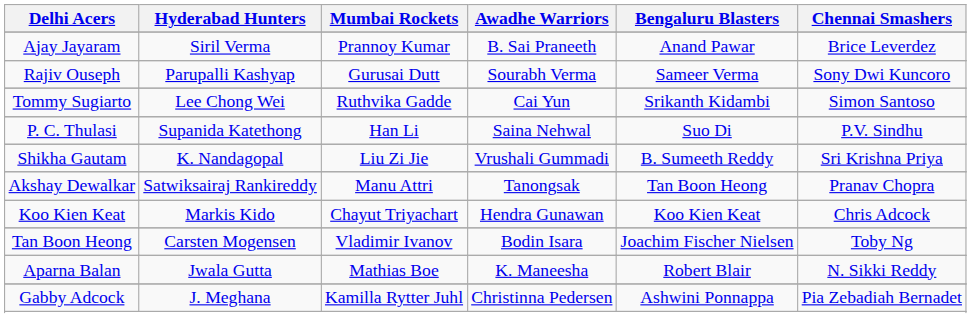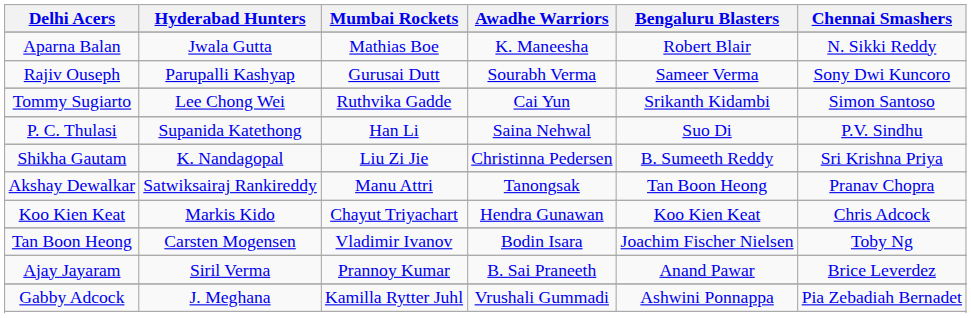 <table class="wikitable" style="text-align:center;">
 <tr>
 <th><a href='#'>Delhi Acers</a></th>
 <th><a href='#'>Hyderabad Hunters</a></th>
 <th><a href='#'>Mumbai Rockets</a></th>
 <th><a href='#'>Awadhe Warriors</a></th>
 <th><a href='#'>Bengaluru Blasters</a></th>
 <th><a href='#'>Chennai Smashers</a></th>
 </tr>
 <tr>
 </tr>
 <tr>
-<td> <a href='#'>Ajay Jayaram</a></td>
-<td> <a href='#'>Siril Verma</a></td>
-<td> <a href='#'>Prannoy Kumar</a></td>
-<td> <a href='#'>B. Sai Praneeth</a></td>
-<td> <a href='#'>Anand Pawar</a></td>
-<td> <a href='#'>Brice Leverdez</a></td>
+<td> <a href='#'>Aparna Balan</a></td>
+<td> <a href='#'>Jwala Gutta</a></td>
+<td> <a href='#'>Mathias Boe</a></td>
+<td> <a href='#'>K. Maneesha</a></td>
+<td> <a href='#'>Robert Blair</a></td>
+<td> <a href='#'>N. Sikki Reddy</a></td>
 </tr>
 <tr>
 </tr>
 <tr>
 <td> <a href='#'>Rajiv Ouseph</a></td>
 <td> <a href='#'>Parupalli Kashyap</a></td>
 <td> <a href='#'>Gurusai Dutt</a></td>
 <td> <a href='#'>Sourabh Verma</a></td>
 <td> <a href='#'>Sameer Verma</a></td>
 <td> <a href='#'>Sony Dwi Kuncoro</a></td>
 </tr>
 <tr>
 </tr>
 <tr>
 <td> <a href='#'>Tommy Sugiarto</a></td>
 <td> <a href='#'>Lee Chong Wei</a></td>
 <td> <a href='#'>Ruthvika Gadde</a></td>
 <td> <a href='#'>Cai Yun</a></td>
 <td> <a href='#'>Srikanth Kidambi</a></td>
 <td> <a href='#'>Simon Santoso</a></td>
 </tr>
 <tr>
 </tr>
 <tr>
 <td> <a href='#'>P. C. Thulasi</a></td>
 <td> <a href='#'>Supanida Katethong</a></td>
 <td> <a href='#'>Han Li</a></td>
 <td> <a href='#'>Saina Nehwal</a></td>
 <td> <a href='#'>Suo Di</a></td>
 <td> <a href='#'>P.V. Sindhu</a></td>
 </tr>
 <tr>
 </tr>
 <tr>
 <td> <a href='#'>Shikha Gautam</a></td>
 <td> <a href='#'>K. Nandagopal</a></td>
 <td> <a href='#'>Liu Zi Jie</a></td>
-<td> <a href='#'>Vrushali Gummadi</a></td>
+<td> <a href='#'>Christinna Pedersen</a></td>
 <td> <a href='#'>B. Sumeeth Reddy</a></td>
 <td> <a href='#'>Sri Krishna Priya</a></td>
 </tr>
 <tr>
 </tr>
 <tr>
 <td> <a href='#'>Akshay Dewalkar</a></td>
 <td> <a href='#'>Satwiksairaj Rankireddy</a></td>
 <td> <a href='#'>Manu Attri</a></td>
 <td> <a href='#'>Tanongsak</a></td>
 <td> <a href='#'>Tan Boon Heong</a></td>
 <td> <a href='#'>Pranav Chopra</a></td>
 </tr>
 <tr>
 </tr>
 <tr>
 <td> <a href='#'>Koo Kien Keat</a></td>
 <td> <a href='#'>Markis Kido</a></td>
 <td> <a href='#'>Chayut Triyachart</a></td>
 <td> <a href='#'>Hendra Gunawan</a></td>
 <td> <a href='#'>Koo Kien Keat</a></td>
 <td> <a href='#'>Chris Adcock</a></td>
 </tr>
 <tr>
 </tr>
 <tr>
 <td> <a href='#'>Tan Boon Heong</a></td>
 <td> <a href='#'>Carsten Mogensen</a></td>
 <td> <a href='#'>Vladimir Ivanov</a></td>
 <td> <a href='#'>Bodin Isara</a></td>
 <td> <a href='#'>Joachim Fischer Nielsen</a></td>
 <td> <a href='#'>Toby Ng</a></td>
 </tr>
 <tr>
 </tr>
 <tr>
-<td> <a href='#'>Aparna Balan</a></td>
-<td> <a href='#'>Jwala Gutta</a></td>
-<td> <a href='#'>Mathias Boe</a></td>
-<td> <a href='#'>K. Maneesha</a></td>
-<td> <a href='#'>Robert Blair</a></td>
-<td> <a href='#'>N. Sikki Reddy</a></td>
+<td> <a href='#'>Ajay Jayaram</a></td>
+<td> <a href='#'>Siril Verma</a></td>
+<td> <a href='#'>Prannoy Kumar</a></td>
+<td> <a href='#'>B. Sai Praneeth</a></td>
+<td> <a href='#'>Anand Pawar</a></td>
+<td> <a href='#'>Brice Leverdez</a></td>
 </tr>
 <tr>
 </tr>
 <tr>
 <td> <a href='#'>Gabby Adcock</a></td>
 <td> <a href='#'>J. Meghana</a></td>
 <td> <a href='#'>Kamilla Rytter Juhl</a></td>
-<td> <a href='#'>Christinna Pedersen</a></td>
+<td> <a href='#'>Vrushali Gummadi</a></td>
 <td> <a href='#'>Ashwini Ponnappa</a></td>
 <td> <a href='#'>Pia Zebadiah Bernadet</a></td>
 </tr>
 <tr>
 </tr>
 <tr>
 </tr>
 </table>
